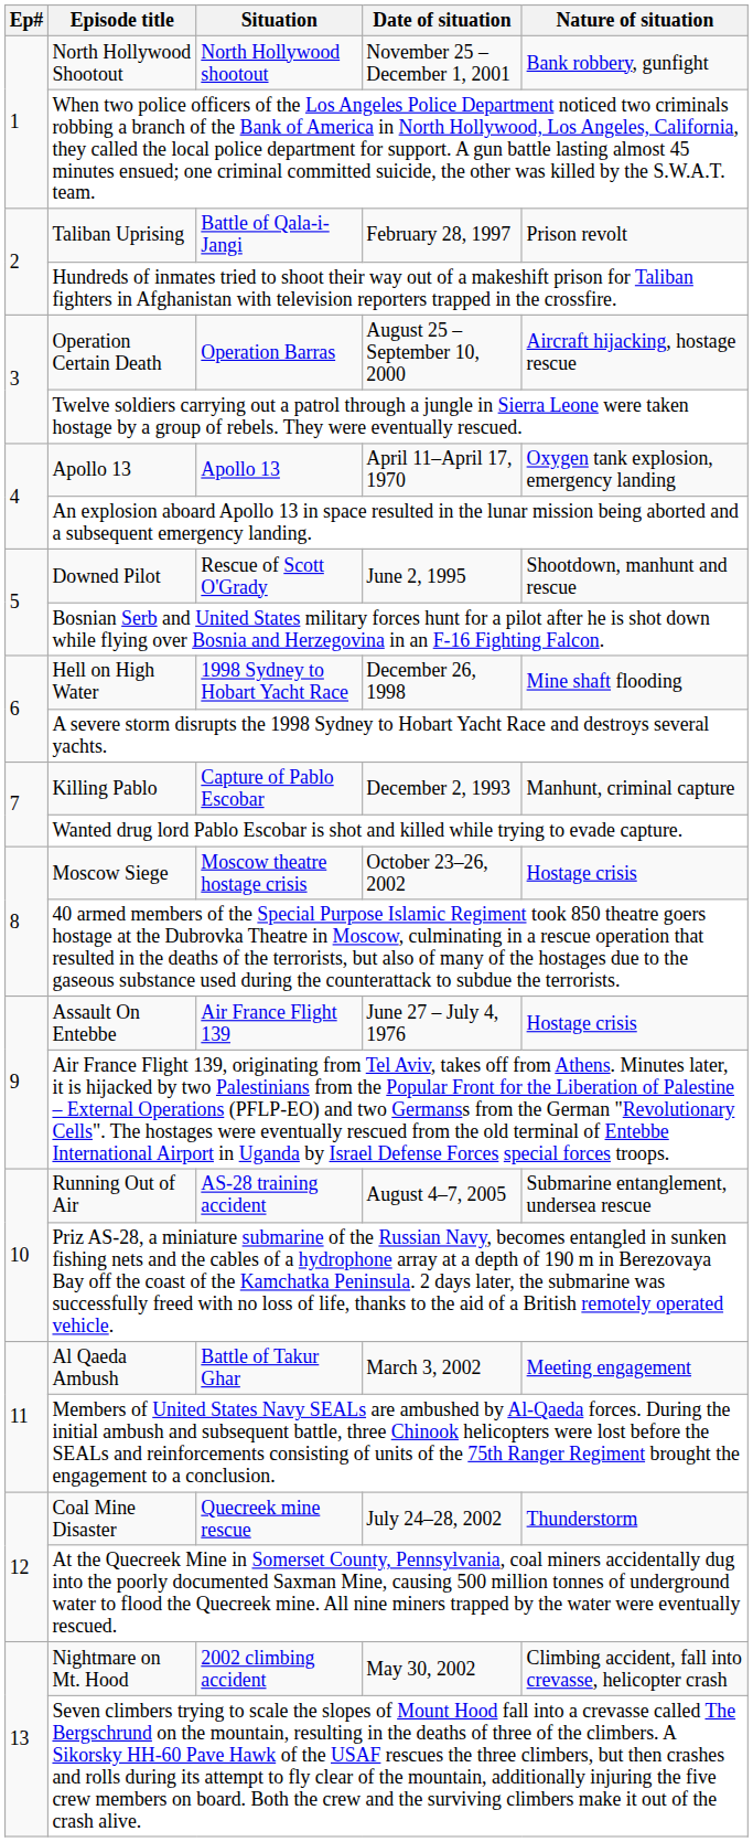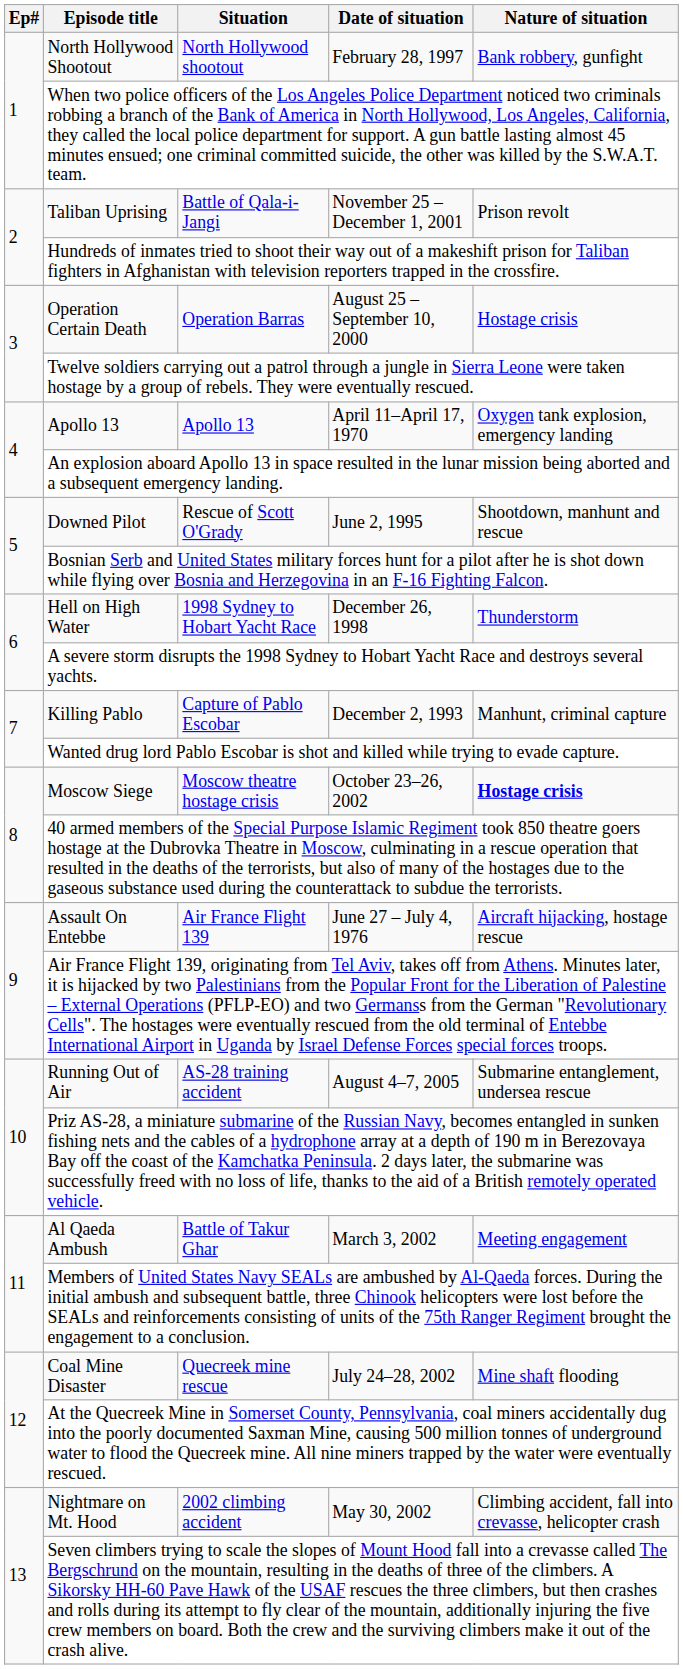 <table class="wikitable">
 <tr>
 <th>Ep#</th>
 <th>Episode title</th>
 <th>Situation</th>
 <th>Date of situation</th>
 <th>Nature of situation</th>
 </tr>
 <tr>
 <td rowspan="2">1</td>
 <td>North Hollywood Shootout</td>
 <td><a href='#'>North Hollywood shootout</a></td>
-<td>November 25 – December 1, 2001</td>
+<td>February 28, 1997</td>
 <td><a href='#'>Bank robbery</a>, gunfight</td>
 </tr>
 <tr>
 <td bgcolor="FFFFFF" colspan="5">When two police officers of the <a href='#'>Los Angeles Police Department</a> noticed two criminals robbing a branch of the <a href='#'>Bank of America</a> in <a href='#'>North Hollywood, Los Angeles, California</a>, they called the local police department for support. A gun battle lasting almost 45 minutes ensued; one criminal committed suicide, the other was killed by the S.W.A.T. team.</td>
 </tr>
 <tr>
 <td rowspan="2">2</td>
 <td>Taliban Uprising</td>
 <td><a href='#'>Battle of Qala-i-Jangi</a></td>
-<td>February 28, 1997</td>
+<td>November 25 – December 1, 2001</td>
 <td>Prison revolt</td>
 </tr>
 <tr>
 <td bgcolor="FFFFFF" colspan="5">Hundreds of inmates tried to shoot their way out of a makeshift prison for <a href='#'>Taliban</a> fighters in Afghanistan with television reporters trapped in the crossfire.</td>
 </tr>
 <tr>
 <td rowspan="2">3</td>
 <td>Operation Certain Death</td>
 <td><a href='#'>Operation Barras</a></td>
 <td>August 25 – September 10, 2000</td>
-<td><a href='#'>Aircraft hijacking</a>, hostage rescue</td>
+<td><a href='#'>Hostage crisis</a></td>
 </tr>
 <tr>
 <td bgcolor="FFFFFF" colspan="5">Twelve soldiers carrying out a patrol through a jungle in <a href='#'>Sierra Leone</a> were taken hostage by a group of rebels. They were eventually rescued.</td>
 </tr>
 <tr>
 <td rowspan="2">4</td>
 <td>Apollo 13</td>
 <td><a href='#'>Apollo 13</a></td>
 <td>April 11–April 17, 1970</td>
 <td><a href='#'>Oxygen</a> tank explosion, emergency landing</td>
 </tr>
 <tr>
 <td bgcolor="FFFFFF" colspan="5">An explosion aboard Apollo 13 in space resulted in the lunar mission being aborted and a subsequent emergency landing.</td>
 </tr>
 <tr>
 <td rowspan="2">5</td>
 <td>Downed Pilot</td>
 <td>Rescue of <a href='#'>Scott O'Grady</a></td>
 <td>June 2, 1995</td>
 <td>Shootdown, manhunt and rescue</td>
 </tr>
 <tr>
 <td bgcolor="FFFFFF" colspan="5">Bosnian <a href='#'>Serb</a> and <a href='#'>United States</a> military forces hunt for a pilot after he is shot down while flying over <a href='#'>Bosnia and Herzegovina</a> in an <a href='#'>F-16 Fighting Falcon</a>.</td>
 </tr>
 <tr>
 <td rowspan="2">6</td>
 <td>Hell on High Water</td>
 <td><a href='#'>1998 Sydney to Hobart Yacht Race</a></td>
 <td>December 26, 1998</td>
-<td><a href='#'>Mine shaft</a> flooding</td>
+<td><a href='#'>Thunderstorm</a></td>
 </tr>
 <tr>
 <td bgcolor="FFFFFF" colspan="5">A severe storm disrupts the 1998 Sydney to Hobart Yacht Race and destroys several yachts.</td>
 </tr>
 <tr>
 <td rowspan="2">7</td>
 <td>Killing Pablo</td>
 <td><a href='#'>Capture of Pablo Escobar</a></td>
 <td>December 2, 1993</td>
 <td>Manhunt, criminal capture</td>
 </tr>
 <tr>
 <td bgcolor="FFFFFF" colspan="5">Wanted drug lord Pablo Escobar is shot and killed while trying to evade capture.</td>
 </tr>
 <tr>
 <td rowspan="2">8</td>
 <td>Moscow Siege</td>
 <td><a href='#'>Moscow theatre hostage crisis</a></td>
 <td>October 23–26, 2002</td>
-<td><a href='#'>Hostage crisis</a></td>
+<td><strong><a href='#'>Hostage crisis</a></strong></td>
 </tr>
 <tr>
 <td bgcolor="FFFFFF" colspan="5">40 armed members of the <a href='#'>Special Purpose Islamic Regiment</a> took 850 theatre goers hostage at the Dubrovka Theatre in <a href='#'>Moscow</a>, culminating in a rescue operation that resulted in the deaths of the terrorists, but also of many of the hostages due to the gaseous substance used during the counterattack to subdue the terrorists.</td>
 </tr>
 <tr>
 <td rowspan="2">9</td>
 <td>Assault On Entebbe</td>
 <td><a href='#'>Air France Flight 139</a></td>
 <td>June 27 – July 4, 1976</td>
-<td><a href='#'>Hostage crisis</a></td>
+<td><a href='#'>Aircraft hijacking</a>, hostage rescue</td>
 </tr>
 <tr>
 <td bgcolor="FFFFFF" colspan="5">Air France Flight 139, originating from <a href='#'>Tel Aviv</a>, takes off from <a href='#'>Athens</a>. Minutes later, it is hijacked by two <a href='#'>Palestinians</a> from the <a href='#'>Popular Front for the Liberation of Palestine – External Operations</a> (PFLP-EO) and two <a href='#'>Germans</a>s from the German "<a href='#'>Revolutionary Cells</a>". The hostages were eventually rescued from the old terminal of <a href='#'>Entebbe International Airport</a> in <a href='#'>Uganda</a> by <a href='#'>Israel Defense Forces</a> <a href='#'>special forces</a> troops.</td>
 </tr>
 <tr>
 <td rowspan="2">10</td>
 <td>Running Out of Air</td>
 <td><a href='#'>AS-28 training accident</a></td>
 <td>August 4–7, 2005</td>
 <td>Submarine entanglement, undersea rescue</td>
 </tr>
 <tr>
 <td bgcolor="FFFFFF" colspan="5'">Priz AS-28, a  miniature <a href='#'>submarine</a> of the <a href='#'>Russian Navy</a>, becomes entangled in sunken fishing nets and the cables of a <a href='#'>hydrophone</a> array at a depth of 190 m in Berezovaya Bay off the coast of the <a href='#'>Kamchatka Peninsula</a>. 2 days later, the submarine was successfully freed with no loss of life, thanks to the aid of a British <a href='#'>remotely operated vehicle</a>.</td>
 </tr>
 <tr>
 <td rowspan="2">11</td>
 <td>Al Qaeda Ambush</td>
 <td><a href='#'>Battle of Takur Ghar</a></td>
 <td>March 3, 2002</td>
 <td><a href='#'>Meeting engagement</a></td>
 </tr>
 <tr>
 <td bgcolor="FFFFFF" colspan="5">Members of <a href='#'>United States Navy SEALs</a> are ambushed by <a href='#'>Al-Qaeda</a> forces. During the initial ambush and subsequent battle, three <a href='#'>Chinook</a> helicopters were lost before the SEALs and reinforcements consisting of units of the <a href='#'>75th Ranger Regiment</a> brought the engagement to a conclusion.</td>
 </tr>
 <tr>
 <td rowspan="2">12</td>
 <td>Coal Mine Disaster</td>
 <td><a href='#'>Quecreek mine rescue</a></td>
 <td>July 24–28, 2002</td>
-<td><a href='#'>Thunderstorm</a></td>
+<td><a href='#'>Mine shaft</a> flooding</td>
 </tr>
 <tr>
 <td bgcolor="FFFFFF" colspan="5">At the Quecreek Mine in <a href='#'>Somerset County, Pennsylvania</a>, coal miners accidentally dug into the poorly documented Saxman Mine, causing 500 million tonnes of underground water to flood the Quecreek mine. All nine miners trapped by the water were eventually rescued.</td>
 </tr>
 <tr>
 <td rowspan="2">13</td>
 <td>Nightmare on Mt. Hood</td>
 <td><a href='#'>2002 climbing accident</a></td>
 <td>May 30, 2002</td>
 <td>Climbing accident, fall into <a href='#'>crevasse</a>, helicopter crash</td>
 </tr>
 <tr>
 <td bgcolor="FFFFFF" colspan="5">Seven climbers trying to scale the slopes of <a href='#'>Mount Hood</a> fall into a crevasse called <a href='#'>The Bergschrund</a> on the mountain, resulting in the deaths of three of the climbers. A <a href='#'>Sikorsky HH-60 Pave Hawk</a> of the <a href='#'>USAF</a> rescues the three climbers, but then crashes and rolls during its attempt to fly clear of the mountain, additionally injuring the five crew members on board. Both the crew and the surviving climbers make it out of the crash alive.</td>
 </tr>
 </table>
